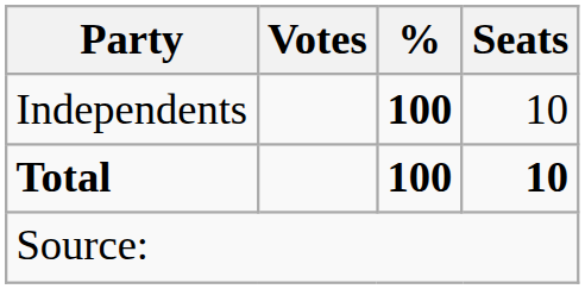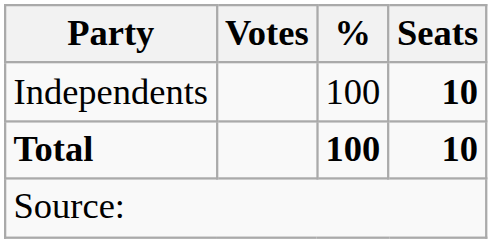 <table class=wikitable style=text-align:right>
 <tr>
 <th>Party</th>
 <th>Votes</th>
 <th>%</th>
 <th>Seats</th>
 </tr>
 <tr>
 <td align=left>Independents</td>
 <td></td>
-<td><strong>100</strong></td>
-<td>10</td>
+<td>100</td>
+<td><strong>10</strong></td>
 </tr>
 <tr>
 <td align=left><strong>Total</strong></td>
 <td></td>
 <td><strong>100</strong></td>
 <td><strong>10</strong></td>
 </tr>
 <tr>
 <td align=left colspan=4>Source: </td>
 </tr>
 </table>
